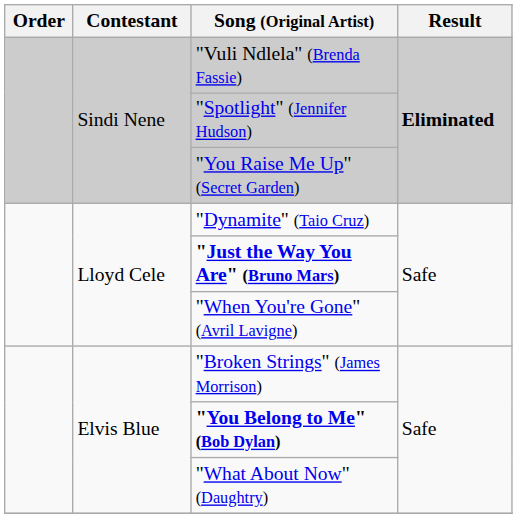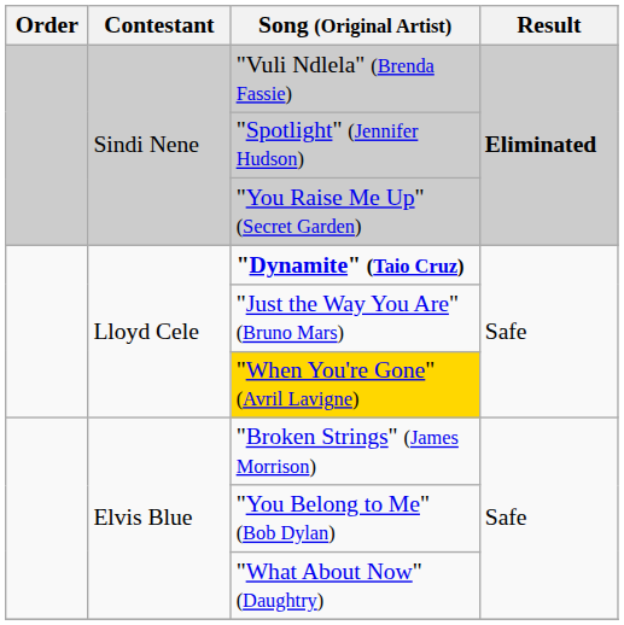 <table class="wikitable" style="font-size:90%; width:60%; text-align: left;">
 <tr>
 <th width="05%">Order</th>
 <th width="13%">Contestant</th>
 <th width="32%">Song <small>(Original Artist)</small></th>
 <th width="10%">Result</th>
 </tr>
 <tr>
 <td bgcolor="CCCCCC" rowspan="3"></td>
 <td bgcolor="CCCCCC" rowspan="3">Sindi Nene</td>
 <td bgcolor="CCCCCC">"Vuli Ndlela" <small>(<a href='#'>Brenda Fassie</a>)</small></td>
 <td bgcolor="CCCCCC" rowspan="3"><strong>Eliminated</strong></td>
 </tr>
 <tr>
 <td bgcolor="CCCCCC">"<a href='#'>Spotlight</a>" <small>(<a href='#'>Jennifer Hudson</a>)</small></td>
 </tr>
 <tr>
 <td bgcolor="CCCCCC">"<a href='#'>You Raise Me Up</a>" <small>(<a href='#'>Secret Garden</a>)</small></td>
 </tr>
 <tr>
 <td rowspan="3"></td>
 <td rowspan="3">Lloyd Cele</td>
-<td>"<a href='#'>Dynamite</a>" <small>(<a href='#'>Taio Cruz</a>)</small></td>
+<td><strong>"<a href='#'>Dynamite</a>" <small>(<a href='#'>Taio Cruz</a>)</small></strong></td>
 <td rowspan="3">Safe</td>
 </tr>
 <tr>
-<td><strong>"<a href='#'>Just the Way You Are</a>" <small>(<a href='#'>Bruno Mars</a>)</small></strong></td>
+<td>"<a href='#'>Just the Way You Are</a>" <small>(<a href='#'>Bruno Mars</a>)</small></td>
 </tr>
 <tr>
-<td>"<a href='#'>When You're Gone</a>" <small>(<a href='#'>Avril Lavigne</a>)</small></td>
+<td style="background: gold;">"<a href='#'>When You're Gone</a>" <small>(<a href='#'>Avril Lavigne</a>)</small></td>
 </tr>
 <tr>
 <td rowspan="3"></td>
 <td rowspan="3">Elvis Blue</td>
 <td>"<a href='#'>Broken Strings</a>" <small>(<a href='#'>James Morrison</a>)</small></td>
 <td rowspan="3">Safe</td>
 </tr>
 <tr>
-<td><strong>"<a href='#'>You Belong to Me</a>" <small>(<a href='#'>Bob Dylan</a>)</small></strong></td>
+<td>"<a href='#'>You Belong to Me</a>" <small>(<a href='#'>Bob Dylan</a>)</small></td>
 </tr>
 <tr>
 <td>"<a href='#'>What About Now</a>" <small>(<a href='#'>Daughtry</a>)</small></td>
 </tr>
 <tr>
 </tr>
 </table>
